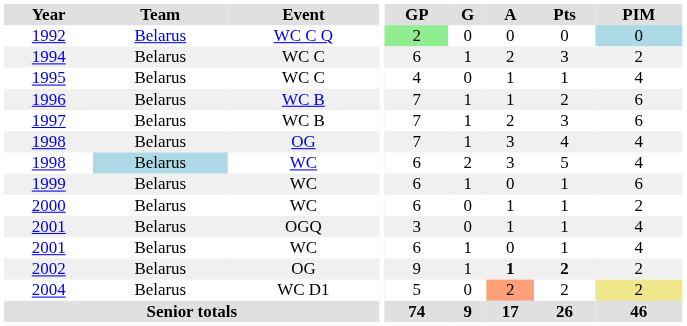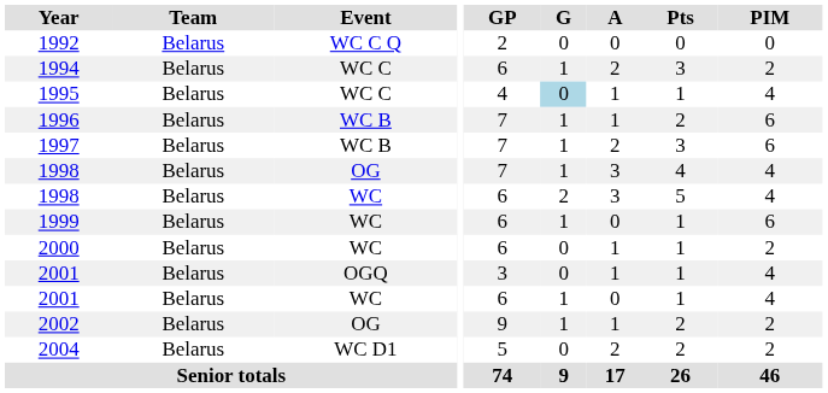 <table border="0" cellpadding="1" cellspacing="0" style="text-align:center; width:40em">
 <tr bgcolor="#e0e0e0">
 <th>Year</th>
 <th>Team</th>
 <th>Event</th>
 <th rowspan="99" bgcolor="#ffffff"></th>
 <th>GP</th>
 <th>G</th>
 <th>A</th>
 <th>Pts</th>
 <th>PIM</th>
 </tr>
 <tr>
 <td><a href='#'>1992</a></td>
 <td><a href='#'>Belarus</a></td>
 <td><a href='#'>WC C Q</a></td>
-<td style="background: lightgreen;">2</td>
+<td>2</td>
 <td>0</td>
 <td>0</td>
 <td>0</td>
-<td style="background: lightblue;">0</td>
+<td>0</td>
 </tr>
 <tr bgcolor="#f0f0f0">
 <td><a href='#'>1994</a></td>
 <td>Belarus</td>
 <td>WC C</td>
 <td>6</td>
 <td>1</td>
 <td>2</td>
 <td>3</td>
 <td>2</td>
 </tr>
 <tr>
 <td><a href='#'>1995</a></td>
 <td>Belarus</td>
 <td>WC C</td>
 <td>4</td>
-<td>0</td>
+<td style="background: lightblue;">0</td>
 <td>1</td>
 <td>1</td>
 <td>4</td>
 </tr>
 <tr bgcolor="#f0f0f0">
 <td><a href='#'>1996</a></td>
 <td>Belarus</td>
 <td><a href='#'>WC B</a></td>
 <td>7</td>
 <td>1</td>
 <td>1</td>
 <td>2</td>
 <td>6</td>
 </tr>
 <tr>
 <td><a href='#'>1997</a></td>
 <td>Belarus</td>
 <td>WC B</td>
 <td>7</td>
 <td>1</td>
 <td>2</td>
 <td>3</td>
 <td>6</td>
 </tr>
 <tr bgcolor="#f0f0f0">
 <td><a href='#'>1998</a></td>
 <td>Belarus</td>
 <td><a href='#'>OG</a></td>
 <td>7</td>
 <td>1</td>
 <td>3</td>
 <td>4</td>
 <td>4</td>
 </tr>
 <tr>
 <td><a href='#'>1998</a></td>
-<td style="background: lightblue;">Belarus</td>
+<td>Belarus</td>
 <td><a href='#'>WC</a></td>
 <td>6</td>
 <td>2</td>
 <td>3</td>
 <td>5</td>
 <td>4</td>
 </tr>
 <tr bgcolor="#f0f0f0">
 <td><a href='#'>1999</a></td>
 <td>Belarus</td>
 <td>WC</td>
 <td>6</td>
 <td>1</td>
 <td>0</td>
 <td>1</td>
 <td>6</td>
 </tr>
 <tr>
 <td><a href='#'>2000</a></td>
 <td>Belarus</td>
 <td>WC</td>
 <td>6</td>
 <td>0</td>
 <td>1</td>
 <td>1</td>
 <td>2</td>
 </tr>
 <tr bgcolor="#f0f0f0">
 <td><a href='#'>2001</a></td>
 <td>Belarus</td>
 <td>OGQ</td>
 <td>3</td>
 <td>0</td>
 <td>1</td>
 <td>1</td>
 <td>4</td>
 </tr>
 <tr>
 <td><a href='#'>2001</a></td>
 <td>Belarus</td>
 <td>WC</td>
 <td>6</td>
 <td>1</td>
 <td>0</td>
 <td>1</td>
 <td>4</td>
 </tr>
 <tr bgcolor="#f0f0f0">
 <td><a href='#'>2002</a></td>
 <td>Belarus</td>
 <td>OG</td>
 <td>9</td>
 <td>1</td>
-<td><strong>1</strong></td>
-<td><strong>2</strong></td>
+<td>1</td>
+<td>2</td>
 <td>2</td>
 </tr>
 <tr>
 <td><a href='#'>2004</a></td>
 <td>Belarus</td>
 <td>WC D1</td>
 <td>5</td>
 <td>0</td>
-<td style="background: lightsalmon;">2</td>
 <td>2</td>
-<td style="background: khaki;">2</td>
+<td>2</td>
+<td>2</td>
 </tr>
 <tr bgcolor="#e0e0e0">
 <th colspan="3">Senior totals</th>
 <th>74</th>
 <th>9</th>
 <th>17</th>
 <th>26</th>
 <th>46</th>
 </tr>
 </table>
